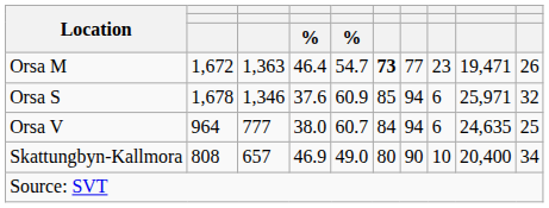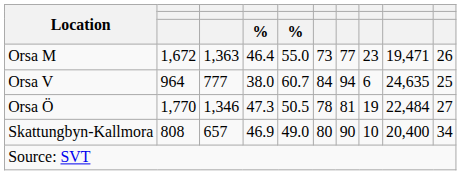 <table role="presentation" class="wikitable sortable mw-collapsible">
 <tr>
 <th rowspan="3">Location</th>
 <th></th>
 <th></th>
 <th></th>
 <th></th>
 <th></th>
 <th></th>
 <th></th>
 <th></th>
 <th></th>
 </tr>
 <tr>
 <th></th>
 <th></th>
 <th style="background:"></th>
 <th style="background:"></th>
 <th></th>
 <th></th>
 <th></th>
 <th></th>
 <th></th>
 </tr>
 <tr>
 <th data-sort-type="number"></th>
 <th data-sort-type="number"></th>
 <th data-sort-type="number">%</th>
 <th data-sort-type="number">%</th>
 <th data-sort-type="number"></th>
 <th data-sort-type="number"></th>
 <th data-sort-type="number"></th>
 <th data-sort-type="number"></th>
 <th data-sort-type="number"></th>
 </tr>
 <tr>
 <td align="left">Orsa M</td>
 <td>1,672</td>
 <td>1,363</td>
 <td>46.4</td>
-<td>54.7</td>
-<td><strong>73</strong></td>
+<td>55.0</td>
+<td>73</td>
 <td>77</td>
 <td>23</td>
 <td>19,471</td>
 <td>26</td>
-</tr>
-<tr>
-<td align="left">Orsa S</td>
-<td>1,678</td>
-<td>1,346</td>
-<td>37.6</td>
-<td>60.9</td>
-<td>85</td>
-<td>94</td>
-<td>6</td>
-<td>25,971</td>
-<td>32</td>
 </tr>
 <tr>
 <td align="left">Orsa V</td>
 <td>964</td>
 <td>777</td>
 <td>38.0</td>
 <td>60.7</td>
 <td>84</td>
 <td>94</td>
 <td>6</td>
 <td>24,635</td>
 <td>25</td>
+</tr>
+<tr>
+<td align="left">Orsa Ö</td>
+<td>1,770</td>
+<td>1,346</td>
+<td>47.3</td>
+<td>50.5</td>
+<td>78</td>
+<td>81</td>
+<td>19</td>
+<td>22,484</td>
+<td>27</td>
 </tr>
 <tr>
 <td align="left">Skattungbyn-Kallmora</td>
 <td>808</td>
 <td>657</td>
 <td>46.9</td>
 <td>49.0</td>
 <td>80</td>
 <td>90</td>
 <td>10</td>
 <td>20,400</td>
 <td>34</td>
 </tr>
 <tr>
 <td colspan="10" align="left">Source: <a href='#'>SVT</a></td>
 </tr>
 </table>
